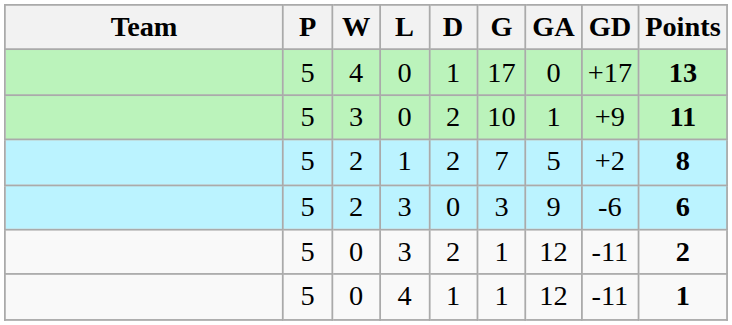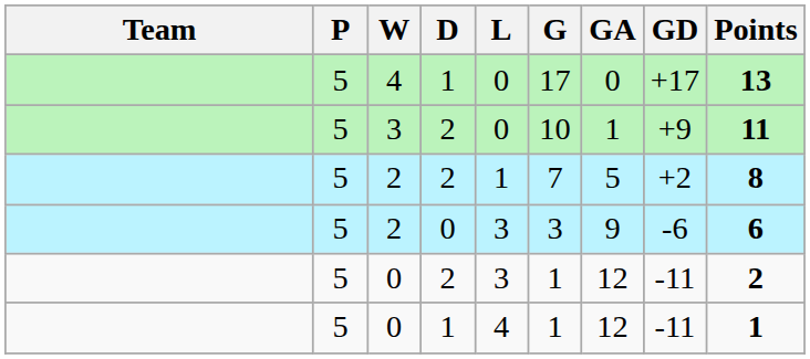 <table class="wikitable" style="text-align:center;">
 <tr>
 <th width=150>Team</th>
 <th width=20>P</th>
 <th width=20>W</th>
+<th width=20>D</th>
 <th width=20>L</th>
-<th width=20>D</th>
 <th width=20>G</th>
 <th width=20>GA</th>
 <th width=20>GD</th>
 <th width=20>Points</th>
 </tr>
 <tr style="background-color:#BBF3BB">
 <td align="left"></td>
 <td>5</td>
 <td>4</td>
+<td>1</td>
 <td>0</td>
-<td>1</td>
 <td>17</td>
 <td>0</td>
 <td>+17</td>
 <td><strong>13</strong></td>
 </tr>
 <tr style="background-color:#BBF3BB">
 <td align="left"></td>
 <td>5</td>
 <td>3</td>
+<td>2</td>
 <td>0</td>
-<td>2</td>
 <td>10</td>
 <td>1</td>
 <td>+9</td>
 <td><strong>11</strong></td>
 </tr>
 <tr style="background-color:#BBF3FF">
 <td align="left"></td>
 <td>5</td>
 <td>2</td>
+<td>2</td>
 <td>1</td>
-<td>2</td>
 <td>7</td>
 <td>5</td>
 <td>+2</td>
 <td><strong>8</strong></td>
 </tr>
 <tr style="background-color:#BBF3FF">
 <td align="left"></td>
 <td>5</td>
 <td>2</td>
+<td>0</td>
 <td>3</td>
-<td>0</td>
 <td>3</td>
 <td>9</td>
 <td>-6</td>
 <td><strong>6</strong></td>
 </tr>
 <tr>
 <td align="left"></td>
 <td>5</td>
 <td>0</td>
+<td>2</td>
 <td>3</td>
-<td>2</td>
 <td>1</td>
 <td>12</td>
 <td>-11</td>
 <td><strong>2</strong></td>
 </tr>
 <tr>
 <td align="left"></td>
 <td>5</td>
 <td>0</td>
+<td>1</td>
 <td>4</td>
-<td>1</td>
 <td>1</td>
 <td>12</td>
 <td>-11</td>
 <td><strong>1</strong></td>
 </tr>
 </table>
